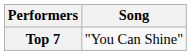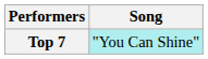 <table class="wikitable unsortable" style="text-align:center;">
 <tr>
 <th scope="col">Performers</th>
 <th scope="col">Song</th>
 </tr>
 <tr>
 <th scope="row">Top 7</th>
-<td>"You Can Shine"</td>
+<td style="background: paleturquoise;">"You Can Shine"</td>
 </tr>
 </table>
